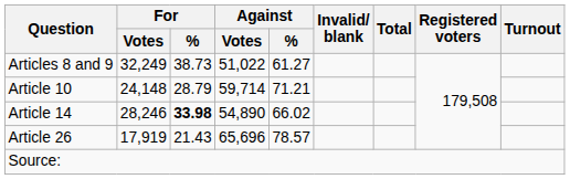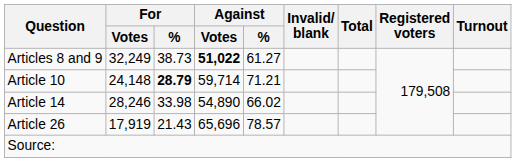 <table class=wikitable style=text-align:right>
 <tr>
 <th rowspan=2>Question</th>
 <th colspan=2>For</th>
 <th colspan=2>Against</th>
 <th rowspan=2>Invalid/<br>blank</th>
 <th rowspan=2>Total</th>
 <th rowspan=2>Registered<br>voters</th>
 <th rowspan=2>Turnout</th>
 </tr>
 <tr>
 <th>Votes</th>
 <th>%</th>
 <th>Votes</th>
 <th>%</th>
 </tr>
 <tr>
 <td align=left>Articles 8 and 9</td>
 <td>32,249</td>
 <td>38.73</td>
-<td>51,022</td>
+<td><strong>51,022</strong></td>
 <td>61.27</td>
 <td></td>
 <td></td>
 <td rowspan=4>179,508</td>
 <td></td>
 </tr>
 <tr>
 <td align=left>Article 10</td>
 <td>24,148</td>
-<td>28.79</td>
+<td><strong>28.79</strong></td>
 <td>59,714</td>
 <td>71.21</td>
 <td></td>
 <td></td>
 <td></td>
 </tr>
 <tr>
 <td align=left>Article 14</td>
 <td>28,246</td>
-<td><strong>33.98</strong></td>
+<td>33.98</td>
 <td>54,890</td>
 <td>66.02</td>
 <td></td>
 <td></td>
 <td></td>
 </tr>
 <tr>
 <td align=left>Article 26</td>
 <td>17,919</td>
 <td>21.43</td>
 <td>65,696</td>
 <td>78.57</td>
 <td></td>
 <td></td>
 <td></td>
 </tr>
 <tr>
 <td align=left colspan=11>Source: </td>
 </tr>
 </table>
